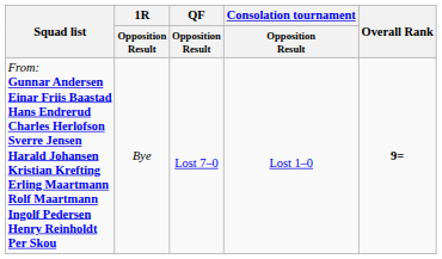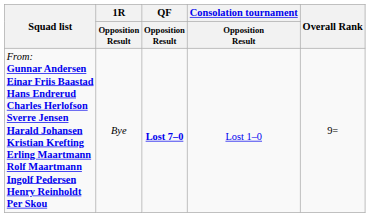 <table class=wikitable style="font-size:90%">
 <tr>
 <th rowspan="2">Squad list</th>
 <th>1R</th>
 <th>QF</th>
 <th><a href='#'>Consolation tournament</a></th>
 <th rowspan="2">Overall Rank</th>
 </tr>
 <tr>
 <th style="line-height:1em"><small>Opposition<br>Result</small></th>
 <th style="line-height:1em"><small>Opposition<br>Result</small></th>
 <th style="line-height:1em"><small>Opposition<br>Result</small></th>
 </tr>
 <tr>
 <td><em>From:</em><br><strong><a href='#'>Gunnar Andersen</a></strong> <br><strong><a href='#'>Einar Friis Baastad</a></strong> <br><strong><a href='#'>Hans Endrerud</a></strong> <br><strong><a href='#'>Charles Herlofson</a></strong> <br><strong><a href='#'>Sverre Jensen</a></strong> <br><strong><a href='#'>Harald Johansen</a></strong> <br><strong><a href='#'>Kristian Krefting</a></strong> <br><strong><a href='#'>Erling Maartmann</a></strong> <br><strong><a href='#'>Rolf Maartmann</a></strong> <br><strong><a href='#'>Ingolf Pedersen</a></strong> <br><strong><a href='#'>Henry Reinholdt</a></strong> <br><strong><a href='#'>Per Skou</a></strong></td>
 <td align="center"><em>Bye</em></td>
-<td align="center"><br><a href='#'>Lost 7–0</a></td>
+<td align="center"><strong><br><a href='#'>Lost 7–0</a></strong></td>
 <td align="center"><br><a href='#'>Lost 1–0</a></td>
-<td align="center"><strong>9=</strong></td>
+<td align="center">9=</td>
 </tr>
 </table>
